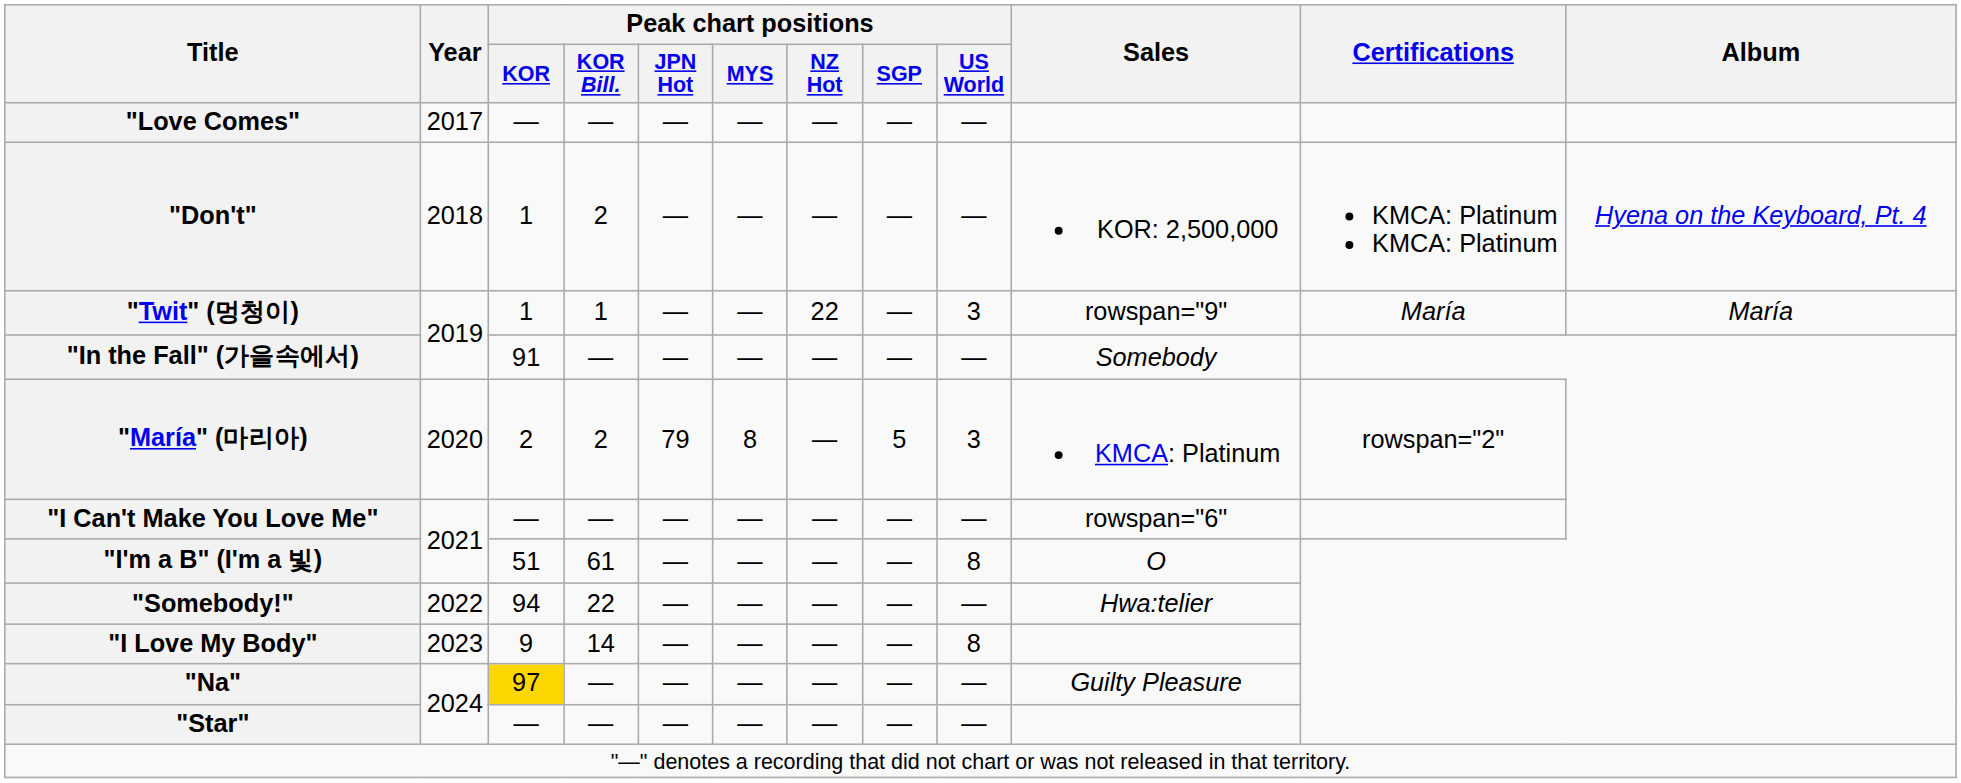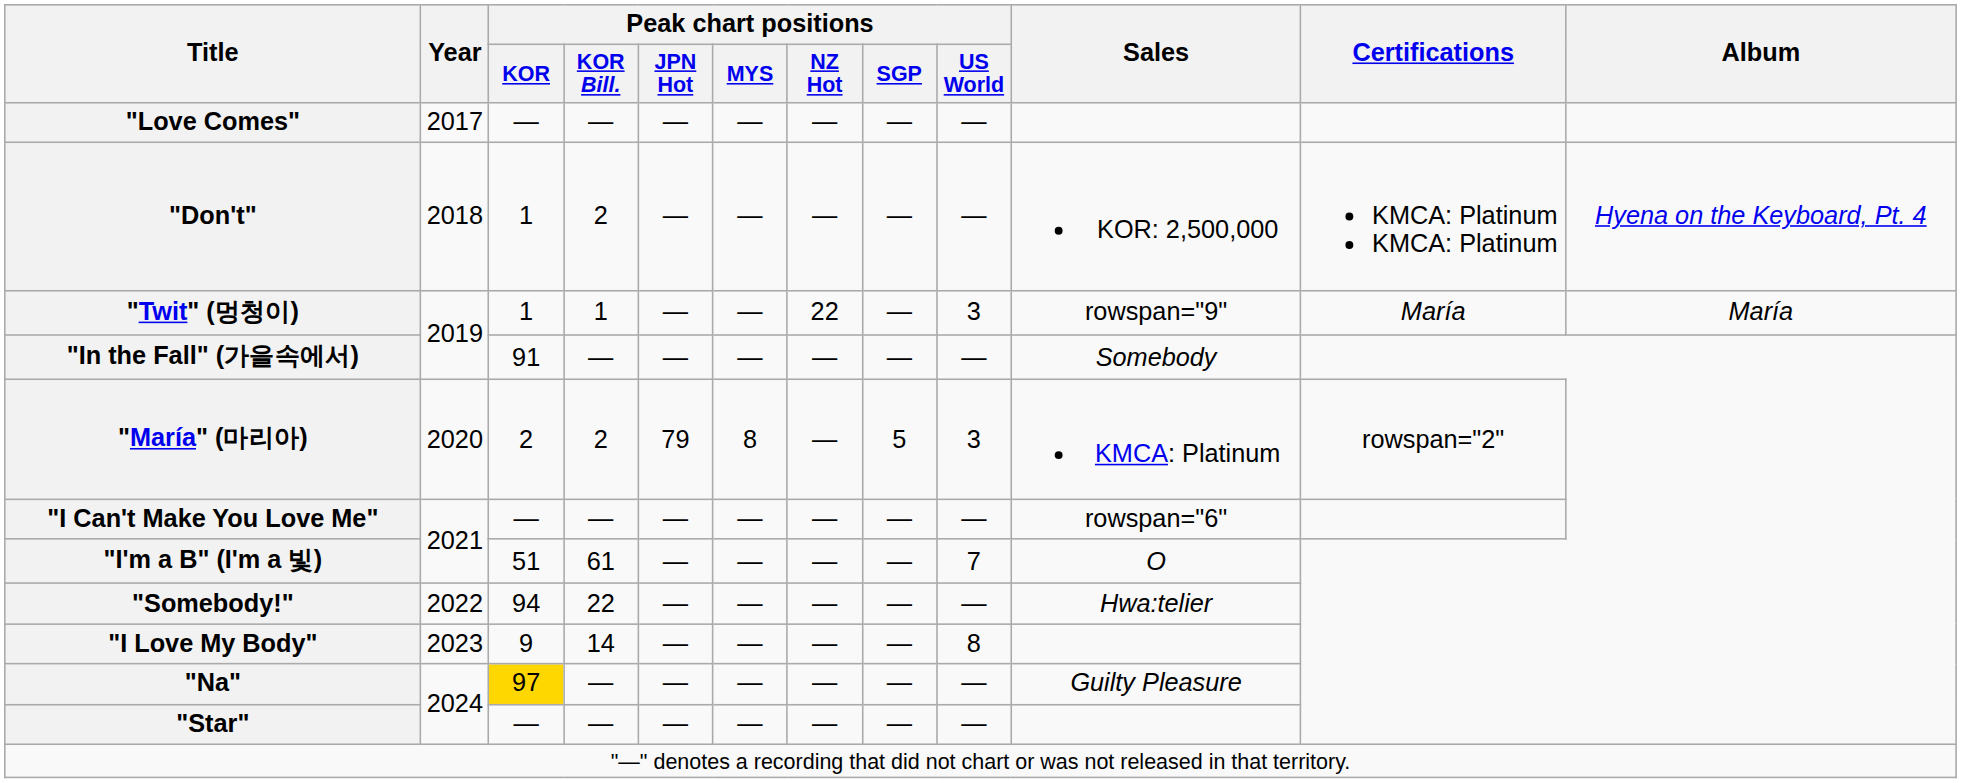 <table class="wikitable plainrowheaders" style="text-align:center;">
 <tr>
 <th scope="col" rowspan="2" style="width:16em;">Title</th>
 <th scope="col" rowspan="2" style="width:1em;">Year</th>
 <th scope="col" colspan="7" style="width:5em;">Peak chart positions</th>
 <th scope="col" rowspan="2" style="width:11em;">Sales</th>
 <th scope="col" rowspan="2" style="width:10em;"><a href='#'>Certifications</a></th>
 <th scope="col" rowspan="2" style="width:15em;">Album</th>
 </tr>
 <tr>
 <th scope="col" style="width:3em;font-size:85%;"><a href='#'>KOR</a><br></th>
 <th scope="col" style="width:3em;font-size:85%;"><a href='#'>KOR<br><em>Bill.</em></a><br></th>
 <th scope="col" style="width:3em;font-size:85%;"><a href='#'>JPN<br>Hot</a><br></th>
 <th scope="col" style="width:3em;font-size:85%;"><a href='#'>MYS</a><br></th>
 <th scope="col" style="width:3em;font-size:85%;"><a href='#'>NZ<br>Hot</a><br></th>
 <th scope="col" style="width:3em;font-size:85%;"><a href='#'>SGP</a><br></th>
 <th scope="col" style="width:3em;font-size:85%;"><a href='#'>US World</a><br></th>
 </tr>
 <tr>
 <th scope="row">"Love Comes"  <br></th>
 <td>2017</td>
 <td>—</td>
 <td>—</td>
 <td>—</td>
 <td>—</td>
 <td>—</td>
 <td>—</td>
 <td>—</td>
 <td></td>
 <td></td>
 <td></td>
 </tr>
 <tr>
 <th scope="row">"Don't"<br></th>
 <td>2018</td>
 <td>1</td>
 <td>2</td>
 <td>—</td>
 <td>—</td>
 <td>—</td>
 <td>—</td>
 <td>—</td>
 <td><br><ul><li>KOR: 2,500,000</li></ul></td>
 <td><br><ul><li>KMCA: Platinum </li><li>KMCA: Platinum </li></ul></td>
 <td><em><a href='#'>Hyena on the Keyboard, Pt. 4</a></em></td>
 </tr>
 <tr>
 <th scope="row">"<a href='#'>Twit</a>" (멍청이)</th>
 <td rowspan="2">2019</td>
 <td>1</td>
 <td>1</td>
 <td>—</td>
 <td>—</td>
 <td>22</td>
 <td>—</td>
 <td>3</td>
 <td>rowspan="9" </td>
 <td><em>María</em></td>
 <td><em>María</em></td>
 </tr>
 <tr>
 <th scope="row">"In the Fall" (가을속에서)<br></th>
 <td>91</td>
 <td>—</td>
 <td>—</td>
 <td>—</td>
 <td>—</td>
 <td>—</td>
 <td>—</td>
 <td><em>Somebody</em></td>
 </tr>
 <tr>
 <th scope="row">"<a href='#'>María</a>" (마리아)</th>
 <td>2020</td>
 <td>2</td>
 <td>2</td>
 <td>79</td>
 <td>8</td>
 <td>—</td>
 <td>5</td>
 <td>3</td>
 <td><br><ul><li><a href='#'>KMCA</a>: Platinum </li></ul></td>
 <td>rowspan="2" </td>
 </tr>
 <tr>
 <th scope="row">"I Can't Make You Love Me" <br></th>
 <td rowspan="2">2021</td>
 <td>—</td>
 <td>—</td>
 <td>—</td>
 <td>—</td>
 <td>—</td>
 <td>—</td>
 <td>—</td>
 <td>rowspan="6" </td>
 <td></td>
 </tr>
 <tr>
 <th scope="row">"I'm a B" (I'm a 빛)</th>
 <td>51</td>
 <td>61</td>
 <td>—</td>
 <td>—</td>
 <td>—</td>
 <td>—</td>
-<td>8</td>
+<td>7</td>
 <td><em>O</em></td>
 </tr>
 <tr>
 <th scope="row">"Somebody!" <br></th>
 <td>2022</td>
 <td>94</td>
 <td>22</td>
 <td>—</td>
 <td>—</td>
 <td>—</td>
 <td>—</td>
 <td>—</td>
 <td><em>Hwa:telier</em></td>
 </tr>
 <tr>
 <th scope="row">"I Love My Body"</th>
 <td>2023</td>
 <td>9</td>
 <td>14</td>
 <td>—</td>
 <td>—</td>
 <td>—</td>
 <td>—</td>
 <td>8</td>
 <td></td>
 </tr>
 <tr>
 <th scope="row">"Na"</th>
 <td rowspan="2">2024</td>
 <td style="background: gold;">97</td>
 <td>—</td>
 <td>—</td>
 <td>—</td>
 <td>—</td>
 <td>—</td>
 <td>—</td>
 <td><em>Guilty Pleasure</em></td>
 </tr>
 <tr>
 <th scope="row">"Star"</th>
 <td>—</td>
 <td>—</td>
 <td>—</td>
 <td>—</td>
 <td>—</td>
 <td>—</td>
 <td>—</td>
 <td></td>
 </tr>
 <tr>
 <td colspan="15" style="font-size:85%">"—" denotes a recording that did not chart or was not released in that territory.</td>
 </tr>
 </table>
